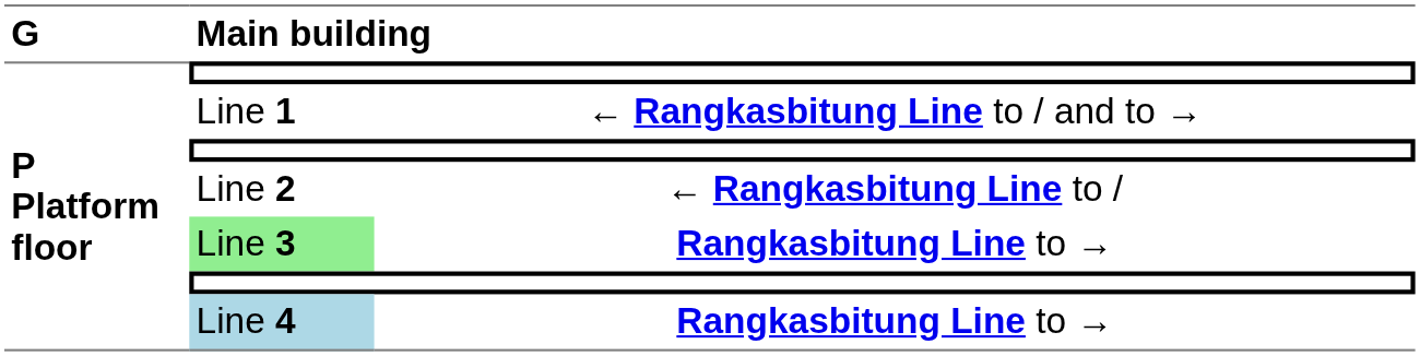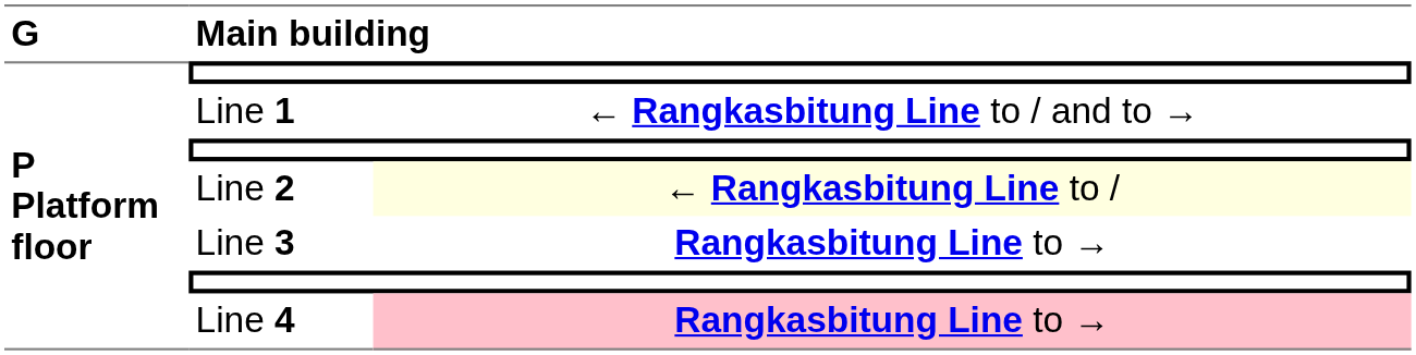 <table cellpadding="3" cellspacing="0">
 <tr>
 <td style="border-top:solid 1px gray;"><strong>G</strong></td>
 <td colspan="2" style="border-top:solid 1px gray;"><strong>Main building</strong></td>
 </tr>
 <tr>
 <td rowspan="7" width="75" style="border-top:solid 1px gray; border-bottom:solid 1px gray"><strong>P</strong><br><strong>Platform floor</strong></td>
 <td colspan="2" style="border-top:solid 2px black;border-right:solid 2px black;border-left:solid 2px black;border-bottom:solid 2px black;text-align:center;"></td>
 </tr>
 <tr>
 <td>Line <strong>1</strong></td>
 <td style="text-align:center">←   <strong><a href='#'>Rangkasbitung Line</a></strong> to / and to   →</td>
 </tr>
 <tr>
 <td colspan="2" style="border-top:solid 2px black;border-right:solid 2px black;border-left:solid 2px black;border-bottom:solid 2px black;text-align:center;"></td>
 </tr>
 <tr>
 <td width="50">Line <strong>2</strong></td>
-<td width="450" style="text-align:center">←   <strong><a href='#'>Rangkasbitung Line</a></strong> to /</td>
+<td width="450" style="background: lightyellow; text-align:center">←   <strong><a href='#'>Rangkasbitung Line</a></strong> to /</td>
 </tr>
 <tr>
-<td style="background: lightgreen;">Line <strong>3</strong></td>
+<td>Line <strong>3</strong></td>
 <td style="text-align:center"> <strong><a href='#'>Rangkasbitung Line</a></strong> to   →</td>
 </tr>
 <tr>
 <td colspan="2" style="border-top:solid 2px black;border-right:solid 2px black;border-left:solid 2px black;border-bottom:solid 2px black;text-align:center;"></td>
 </tr>
 <tr>
-<td width="75" style="background: lightblue; border-bottom:solid 1px gray">Line <strong>4</strong></td>
-<td style="text-align:center; border-bottom:solid 1px gray"> <strong><a href='#'>Rangkasbitung Line</a></strong> to   →</td>
+<td width="75" style="border-bottom:solid 1px gray">Line <strong>4</strong></td>
+<td style="background: pink; text-align:center; border-bottom:solid 1px gray"> <strong><a href='#'>Rangkasbitung Line</a></strong> to   →</td>
 </tr>
 </table>
